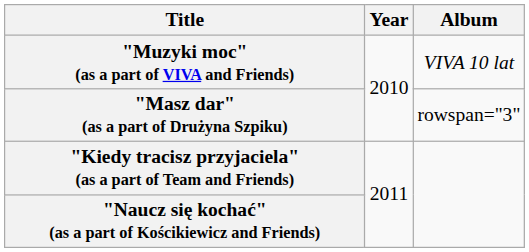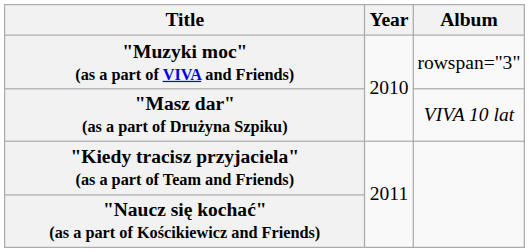 <table class="wikitable plainrowheaders" style="text-align:center;">
 <tr>
 <th scope="col" style="width:18em;">Title</th>
 <th scope="col">Year</th>
 <th scope="col">Album</th>
 </tr>
 <tr>
 <th scope="row">"Muzyki moc"<br><small>(as a part of <a href='#'>VIVA</a> and Friends)</small></th>
 <td rowspan="2">2010</td>
-<td><em>VIVA 10 lat</em></td>
+<td>rowspan="3" </td>
 </tr>
 <tr>
 <th scope="row">"Masz dar"<br><small>(as a part of Drużyna Szpiku)</small></th>
-<td>rowspan="3" </td>
+<td><em>VIVA 10 lat</em></td>
 </tr>
 <tr>
 <th scope="row">"Kiedy tracisz przyjaciela"<br><small>(as a part of Team and Friends)</small></th>
 <td rowspan="2">2011</td>
 </tr>
 <tr>
 <th scope="row">"Naucz się kochać"<br><small>(as a part of Kościkiewicz and Friends)</small></th>
 </tr>
 </table>
